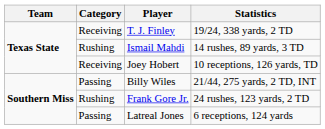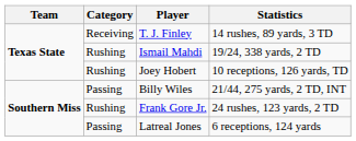 <table class="wikitable" style="float: right;">
 <tr>
 <th>Team</th>
 <th>Category</th>
 <th>Player</th>
 <th>Statistics</th>
 </tr>
 <tr>
 <td rowspan=3><strong>Texas State</strong></td>
 <td>Receiving</td>
 <td><a href='#'>T. J. Finley</a></td>
+<td>14 rushes, 89 yards, 3 TD</td>
+</tr>
+<tr>
+<td>Rushing</td>
+<td><a href='#'>Ismail Mahdi</a></td>
 <td>19/24, 338 yards, 2 TD</td>
 </tr>
 <tr>
 <td>Rushing</td>
-<td><a href='#'>Ismail Mahdi</a></td>
-<td>14 rushes, 89 yards, 3 TD</td>
-</tr>
-<tr>
-<td>Receiving</td>
 <td>Joey Hobert</td>
 <td>10 receptions, 126 yards, TD</td>
 </tr>
 <tr>
 <td rowspan=3><strong>Southern Miss</strong></td>
 <td>Passing</td>
 <td>Billy Wiles</td>
 <td>21/44, 275 yards, 2 TD, INT</td>
 </tr>
 <tr>
 <td>Rushing</td>
 <td><a href='#'>Frank Gore Jr.</a></td>
 <td>24 rushes, 123 yards, 2 TD</td>
 </tr>
 <tr>
 <td>Passing</td>
 <td>Latreal Jones</td>
 <td>6 receptions, 124 yards</td>
 </tr>
 </table>
